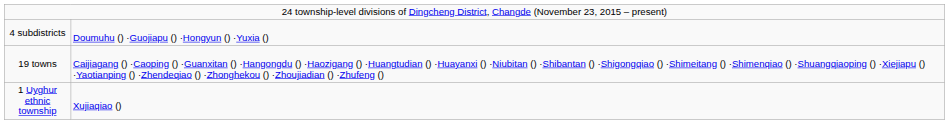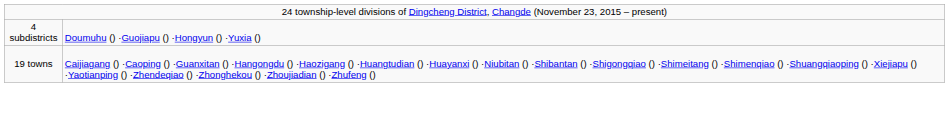 <table class="wikitable">
 <tr>
 <td style="text-align:center;" colspan="2">24 township-level divisions of <a href='#'>Dingcheng District</a>, <a href='#'>Changde</a> (November 23, 2015 – present)</td>
 </tr>
 <tr align=left>
 <td align=center>4 subdistricts</td>
 <td><br><a href='#'>Doumuhu</a> () ·<a href='#'>Guojiapu</a> () ·<a href='#'>Hongyun</a> () ·<a href='#'>Yuxia</a> ()</td>
 </tr>
 <tr align=left>
 <td align=center>19 towns</td>
 <td><br><a href='#'>Caijiagang</a> () ·<a href='#'>Caoping</a> () ·<a href='#'>Guanxitan</a> () ·<a href='#'>Hangongdu</a> () ·<a href='#'>Haozigang</a> () ·<a href='#'>Huangtudian</a> () ·<a href='#'>Huayanxi</a> () ·<a href='#'>Niubitan</a> () ·<a href='#'>Shibantan</a> () ·<a href='#'>Shigongqiao</a> () ·<a href='#'>Shimeitang</a> () ·<a href='#'>Shimenqiao</a> () ·<a href='#'>Shuangqiaoping</a> () ·<a href='#'>Xiejiapu</a> () ·<a href='#'>Yaotianping</a> () ·<a href='#'>Zhendeqiao</a> () ·<a href='#'>Zhonghekou</a> () ·<a href='#'>Zhoujiadian</a> () ·<a href='#'>Zhufeng</a> ()</td>
 </tr>
-<tr align=left>
-<td align=center>1 <a href='#'>Uyghur</a> <a href='#'>ethnic<br> township</a></td>
-<td><br><a href='#'>Xujiaqiao</a> ()</td>
-</tr>
 </table>
